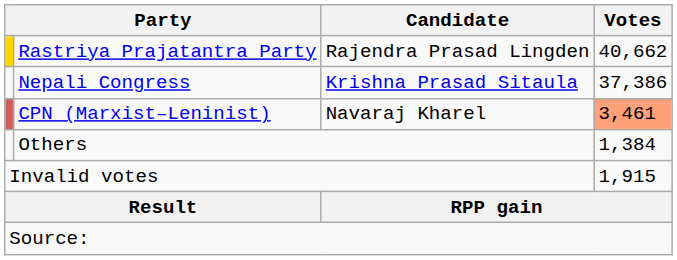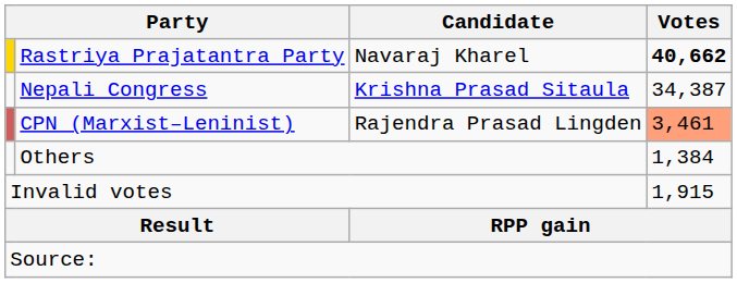 <table class="wikitable">
 <tr>
 <th colspan="2">Party</th>
 <th>Candidate</th>
 <th>Votes</th>
 </tr>
 <tr>
 <td style="background-color:gold"></td>
 <td><a href='#'>Rastriya Prajatantra Party</a></td>
-<td>Rajendra Prasad Lingden</td>
-<td>40,662</td>
+<td>Navaraj Kharel</td>
+<td><strong>40,662</strong></td>
 </tr>
 <tr>
 <td style="background-color:"></td>
 <td><a href='#'>Nepali Congress</a></td>
 <td><a href='#'>Krishna Prasad Sitaula</a></td>
-<td>37,386</td>
+<td>34,387</td>
 </tr>
 <tr>
 <td style="background-color:indianred"></td>
 <td><a href='#'>CPN (Marxist–Leninist)</a></td>
-<td>Navaraj Kharel</td>
+<td>Rajendra Prasad Lingden</td>
 <td style="background: lightsalmon;">3,461</td>
 </tr>
 <tr>
 <td></td>
 <td colspan="2">Others</td>
 <td>1,384</td>
 </tr>
 <tr>
 <td colspan="3">Invalid votes</td>
 <td>1,915</td>
 </tr>
 <tr>
 <th colspan="2">Result</th>
 <th colspan="2">RPP gain</th>
 </tr>
 <tr>
 <td colspan="4">Source: </td>
 </tr>
 </table>
